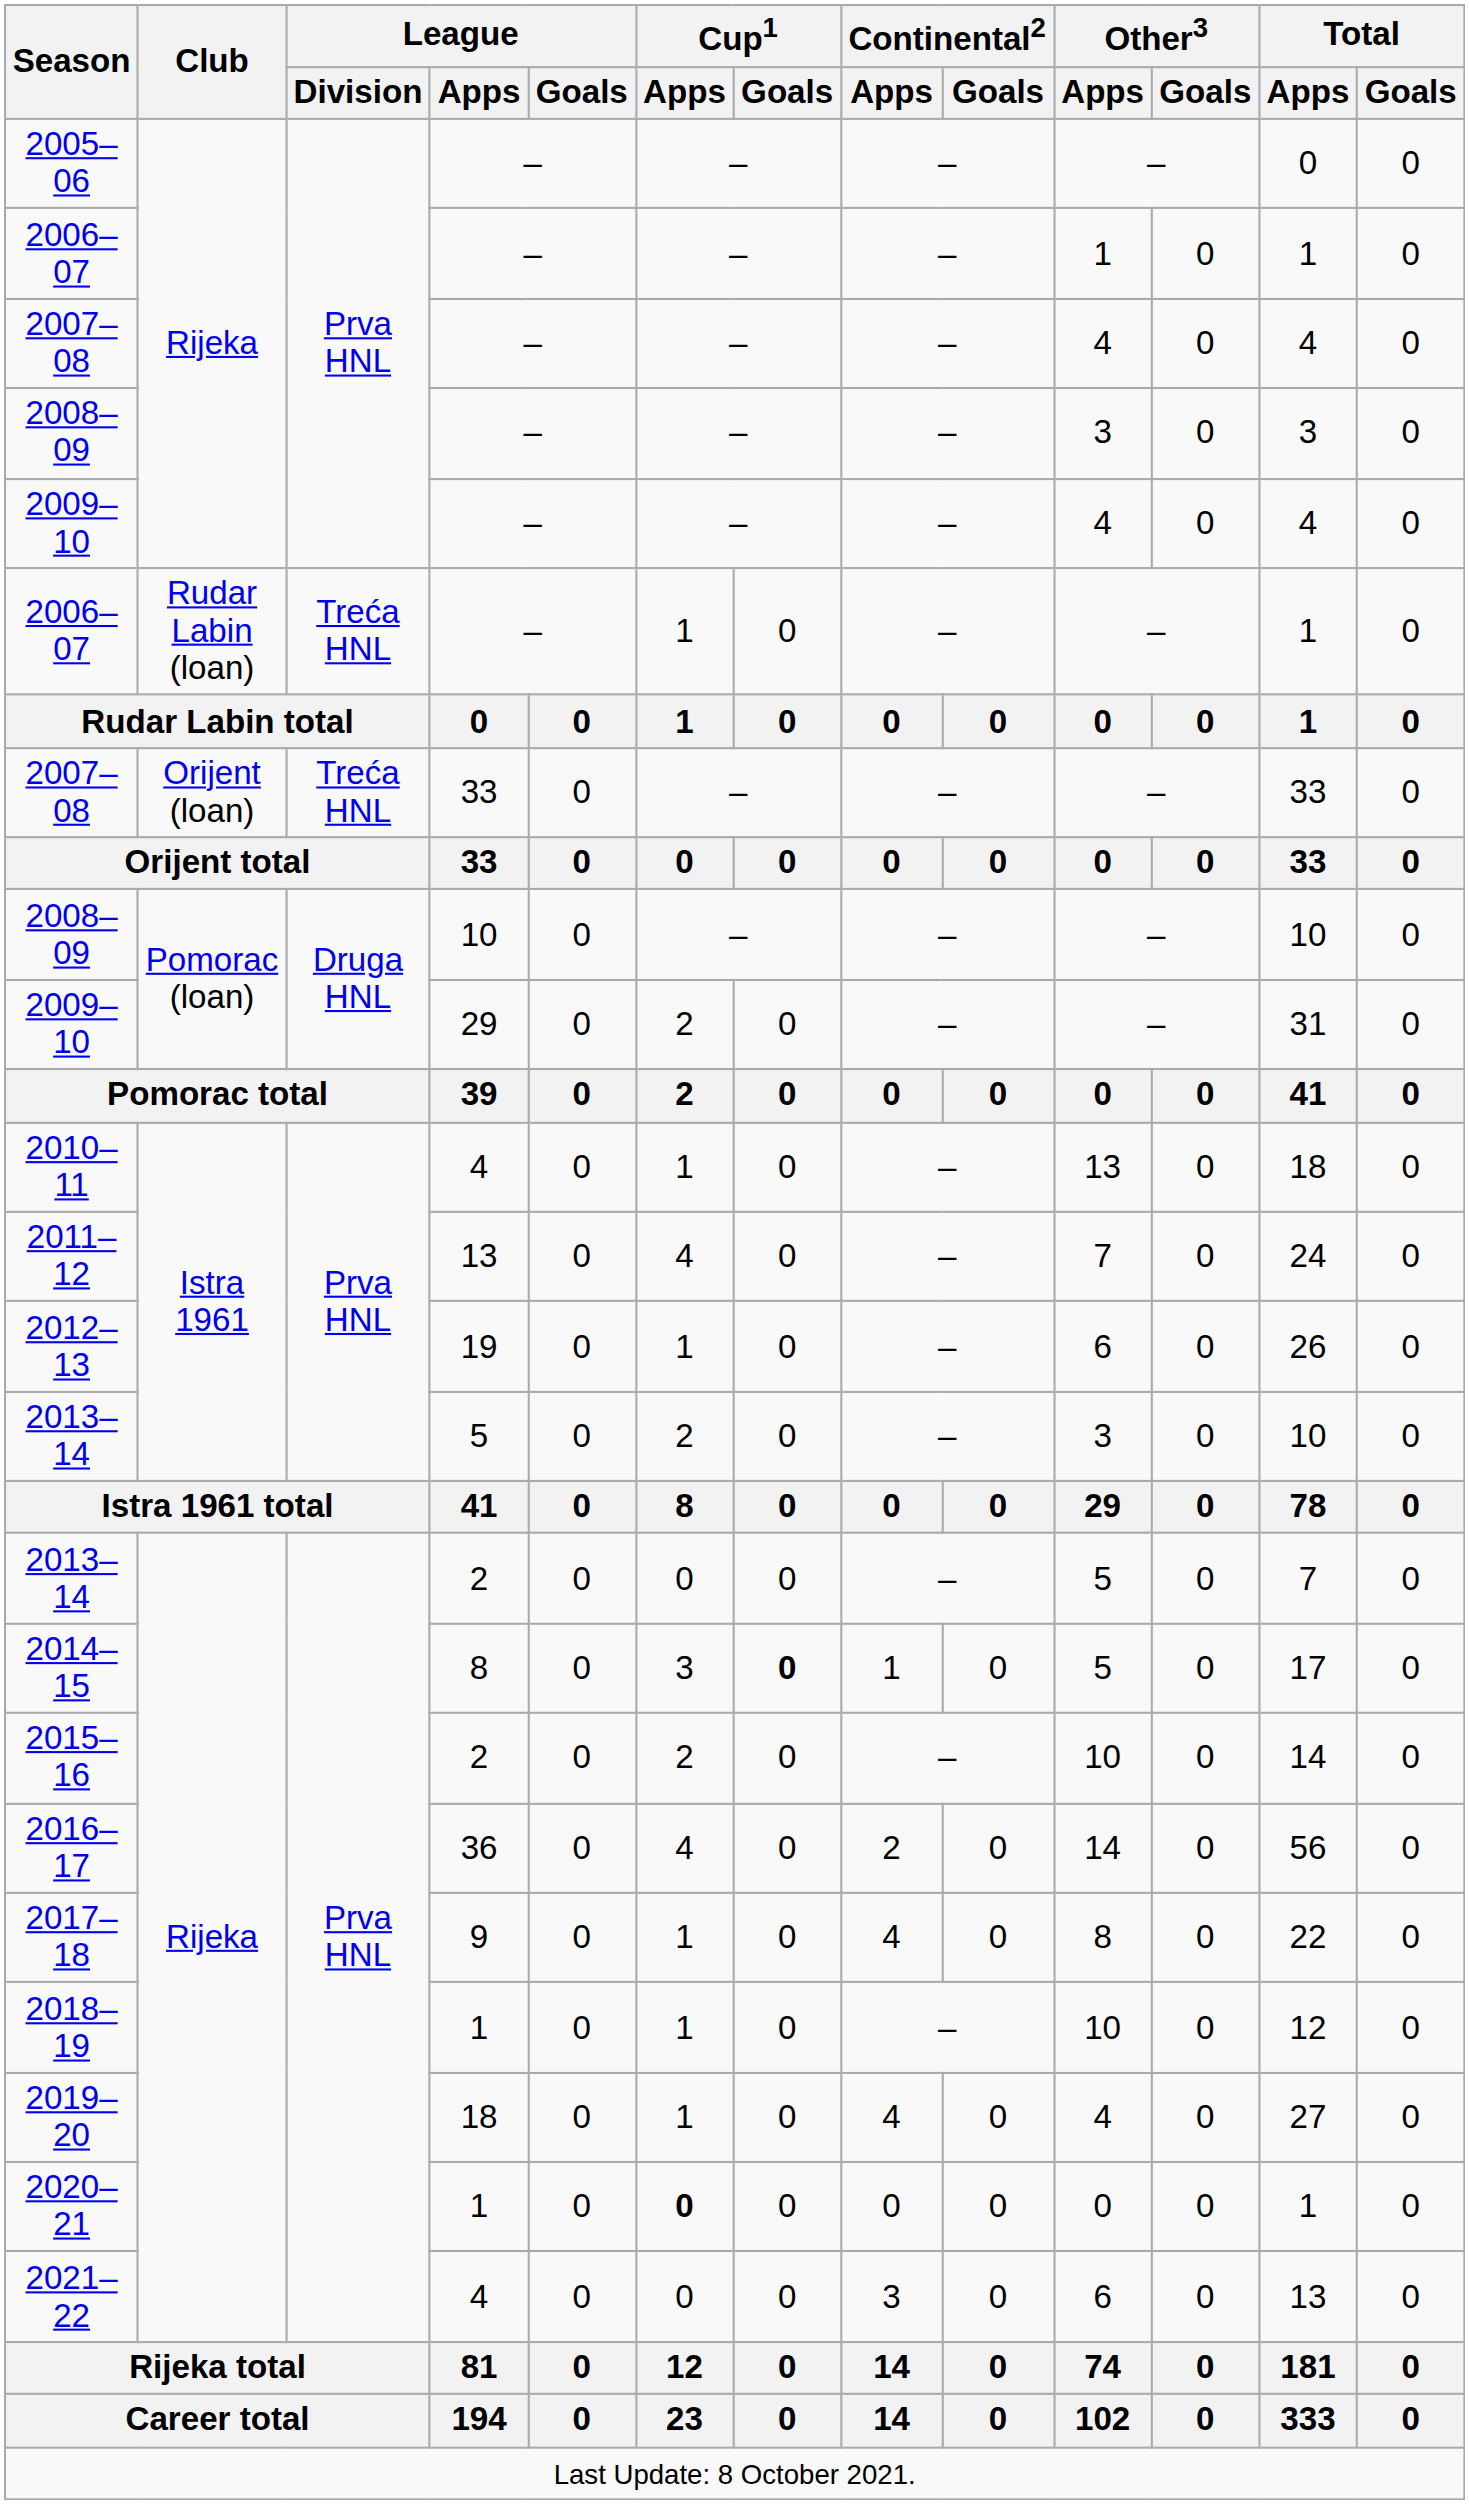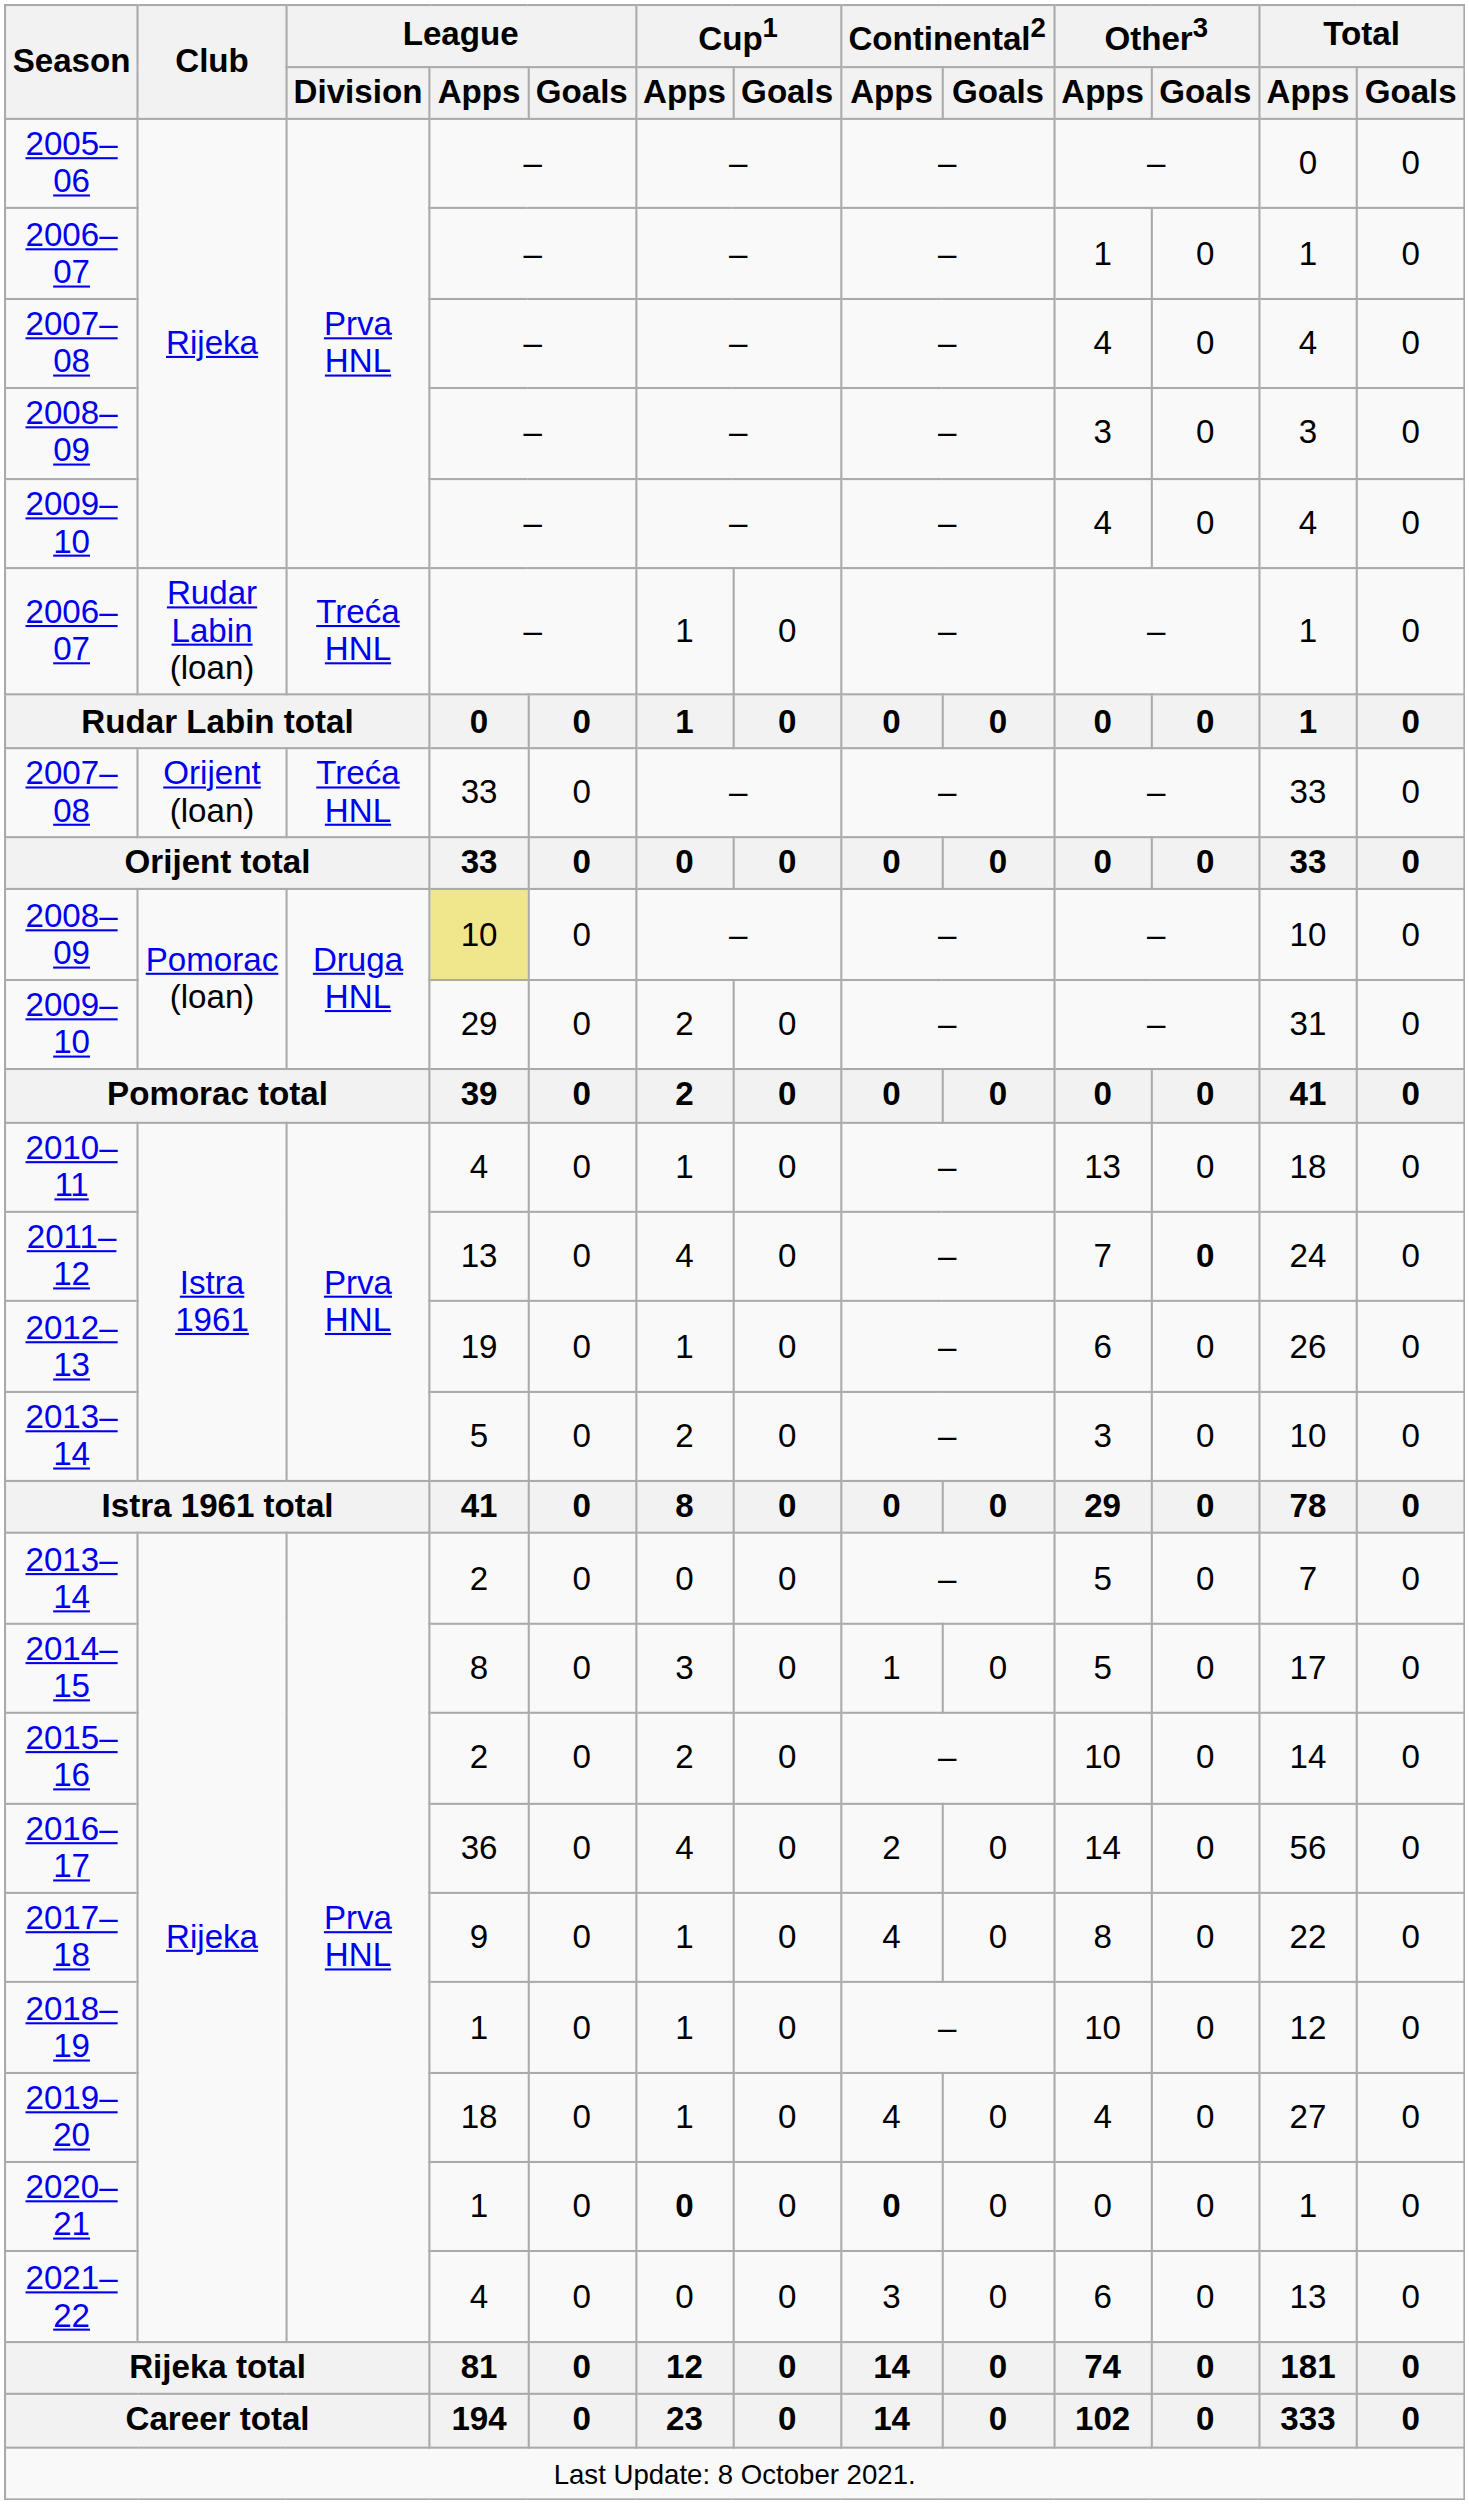 <table class="wikitable" style="text-align:center">
 <tr>
 <th rowspan=2>Season</th>
 <th rowspan=2>Club</th>
 <th colspan=3>League</th>
 <th colspan=2>Cup<sup>1</sup></th>
 <th colspan=2>Continental<sup>2</sup></th>
 <th colspan=2>Other<sup>3</sup></th>
 <th colspan=2>Total</th>
 </tr>
 <tr>
 <th>Division</th>
 <th>Apps</th>
 <th>Goals</th>
 <th>Apps</th>
 <th>Goals</th>
 <th>Apps</th>
 <th>Goals</th>
 <th>Apps</th>
 <th>Goals</th>
 <th>Apps</th>
 <th>Goals</th>
 </tr>
 <tr>
 <td><a href='#'>2005–06</a></td>
 <td rowspan="5"><a href='#'>Rijeka</a></td>
 <td rowspan="5"><a href='#'>Prva HNL</a></td>
 <td colspan="2">–</td>
 <td colspan="2">–</td>
 <td colspan="2">–</td>
 <td colspan="2">–</td>
 <td>0</td>
 <td>0</td>
 </tr>
 <tr>
 <td><a href='#'>2006–07</a></td>
 <td colspan="2">–</td>
 <td colspan="2">–</td>
 <td colspan="2">–</td>
 <td>1</td>
 <td>0</td>
 <td>1</td>
 <td>0</td>
 </tr>
 <tr>
 <td><a href='#'>2007–08</a></td>
 <td colspan="2">–</td>
 <td colspan="2">–</td>
 <td colspan="2">–</td>
 <td>4</td>
 <td>0</td>
 <td>4</td>
 <td>0</td>
 </tr>
 <tr>
 <td><a href='#'>2008–09</a></td>
 <td colspan="2">–</td>
 <td colspan="2">–</td>
 <td colspan="2">–</td>
 <td>3</td>
 <td>0</td>
 <td>3</td>
 <td>0</td>
 </tr>
 <tr>
 <td><a href='#'>2009–10</a></td>
 <td colspan="2">–</td>
 <td colspan="2">–</td>
 <td colspan="2">–</td>
 <td>4</td>
 <td>0</td>
 <td>4</td>
 <td>0</td>
 </tr>
 <tr>
 <td><a href='#'>2006–07</a></td>
 <td><a href='#'>Rudar Labin</a> (loan)</td>
 <td rowspan="1"><a href='#'>Treća HNL</a></td>
 <td colspan="2">–</td>
 <td>1</td>
 <td>0</td>
 <td colspan="2">–</td>
 <td colspan="2">–</td>
 <td>1</td>
 <td>0</td>
 </tr>
 <tr>
 <th colspan=3>Rudar Labin total</th>
 <th>0</th>
 <th>0</th>
 <th>1</th>
 <th>0</th>
 <th>0</th>
 <th>0</th>
 <th>0</th>
 <th>0</th>
 <th>1</th>
 <th>0</th>
 </tr>
 <tr>
 <td><a href='#'>2007–08</a></td>
 <td><a href='#'>Orijent</a> (loan)</td>
 <td rowspan="1"><a href='#'>Treća HNL</a></td>
 <td>33</td>
 <td>0</td>
 <td colspan="2">–</td>
 <td colspan="2">–</td>
 <td colspan="2">–</td>
 <td>33</td>
 <td>0</td>
 </tr>
 <tr>
 <th colspan=3>Orijent total</th>
 <th>33</th>
 <th>0</th>
 <th>0</th>
 <th>0</th>
 <th>0</th>
 <th>0</th>
 <th>0</th>
 <th>0</th>
 <th>33</th>
 <th>0</th>
 </tr>
 <tr>
 <td><a href='#'>2008–09</a></td>
 <td rowspan="2"><a href='#'>Pomorac</a> (loan)</td>
 <td rowspan="2"><a href='#'>Druga HNL</a></td>
-<td>10</td>
+<td style="background: khaki;">10</td>
 <td>0</td>
 <td colspan="2">–</td>
 <td colspan="2">–</td>
 <td colspan="2">–</td>
 <td>10</td>
 <td>0</td>
 </tr>
 <tr>
 <td><a href='#'>2009–10</a></td>
 <td>29</td>
 <td>0</td>
 <td>2</td>
 <td>0</td>
 <td colspan="2">–</td>
 <td colspan="2">–</td>
 <td>31</td>
 <td>0</td>
 </tr>
 <tr>
 <th colspan=3>Pomorac total</th>
 <th>39</th>
 <th>0</th>
 <th>2</th>
 <th>0</th>
 <th>0</th>
 <th>0</th>
 <th>0</th>
 <th>0</th>
 <th>41</th>
 <th>0</th>
 </tr>
 <tr>
 <td><a href='#'>2010–11</a></td>
 <td rowspan="4"><a href='#'>Istra 1961</a></td>
 <td rowspan="4"><a href='#'>Prva HNL</a></td>
 <td>4</td>
 <td>0</td>
 <td>1</td>
 <td>0</td>
 <td colspan="2">–</td>
 <td>13</td>
 <td>0</td>
 <td>18</td>
 <td>0</td>
 </tr>
 <tr>
 <td><a href='#'>2011–12</a></td>
 <td>13</td>
 <td>0</td>
 <td>4</td>
 <td>0</td>
 <td colspan="2">–</td>
 <td>7</td>
-<td>0</td>
+<td><strong>0</strong></td>
 <td>24</td>
 <td>0</td>
 </tr>
 <tr>
 <td><a href='#'>2012–13</a></td>
 <td>19</td>
 <td>0</td>
 <td>1</td>
 <td>0</td>
 <td colspan="2">–</td>
 <td>6</td>
 <td>0</td>
 <td>26</td>
 <td>0</td>
 </tr>
 <tr>
 <td><a href='#'>2013–14</a></td>
 <td>5</td>
 <td>0</td>
 <td>2</td>
 <td>0</td>
 <td colspan="2">–</td>
 <td>3</td>
 <td>0</td>
 <td>10</td>
 <td>0</td>
 </tr>
 <tr>
 <th colspan=3>Istra 1961 total</th>
 <th>41</th>
 <th>0</th>
 <th>8</th>
 <th>0</th>
 <th>0</th>
 <th>0</th>
 <th>29</th>
 <th>0</th>
 <th>78</th>
 <th>0</th>
 </tr>
 <tr>
 <td><a href='#'>2013–14</a></td>
 <td rowspan="9"><a href='#'>Rijeka</a></td>
 <td rowspan="9"><a href='#'>Prva HNL</a></td>
 <td>2</td>
 <td>0</td>
 <td>0</td>
 <td>0</td>
 <td colspan="2">–</td>
 <td>5</td>
 <td>0</td>
 <td>7</td>
 <td>0</td>
 </tr>
 <tr>
 <td><a href='#'>2014–15</a></td>
 <td>8</td>
 <td>0</td>
 <td>3</td>
-<td><strong>0</strong></td>
+<td>0</td>
 <td>1</td>
 <td>0</td>
 <td>5</td>
 <td>0</td>
 <td>17</td>
 <td>0</td>
 </tr>
 <tr>
 <td><a href='#'>2015–16</a></td>
 <td>2</td>
 <td>0</td>
 <td>2</td>
 <td>0</td>
 <td colspan="2">–</td>
 <td>10</td>
 <td>0</td>
 <td>14</td>
 <td>0</td>
 </tr>
 <tr>
 <td><a href='#'>2016–17</a></td>
 <td>36</td>
 <td>0</td>
 <td>4</td>
 <td>0</td>
 <td>2</td>
 <td>0</td>
 <td>14</td>
 <td>0</td>
 <td>56</td>
 <td>0</td>
 </tr>
 <tr>
 <td><a href='#'>2017–18</a></td>
 <td>9</td>
 <td>0</td>
 <td>1</td>
 <td>0</td>
 <td>4</td>
 <td>0</td>
 <td>8</td>
 <td>0</td>
 <td>22</td>
 <td>0</td>
 </tr>
 <tr>
 <td><a href='#'>2018–19</a></td>
 <td>1</td>
 <td>0</td>
 <td>1</td>
 <td>0</td>
 <td colspan="2">–</td>
 <td>10</td>
 <td>0</td>
 <td>12</td>
 <td>0</td>
 </tr>
 <tr>
 <td><a href='#'>2019–20</a></td>
 <td>18</td>
 <td>0</td>
 <td>1</td>
 <td>0</td>
 <td>4</td>
 <td>0</td>
 <td>4</td>
 <td>0</td>
 <td>27</td>
 <td>0</td>
 </tr>
 <tr>
 <td><a href='#'>2020–21</a></td>
 <td>1</td>
 <td>0</td>
 <td><strong>0</strong></td>
 <td>0</td>
-<td>0</td>
+<td><strong>0</strong></td>
 <td>0</td>
 <td>0</td>
 <td>0</td>
 <td>1</td>
 <td>0</td>
 </tr>
 <tr>
 <td><a href='#'>2021–22</a></td>
 <td>4</td>
 <td>0</td>
 <td>0</td>
 <td>0</td>
 <td>3</td>
 <td>0</td>
 <td>6</td>
 <td>0</td>
 <td>13</td>
 <td>0</td>
 </tr>
 <tr>
 <th colspan=3>Rijeka total</th>
 <th>81</th>
 <th>0</th>
 <th>12</th>
 <th>0</th>
 <th>14</th>
 <th>0</th>
 <th>74</th>
 <th>0</th>
 <th>181</th>
 <th>0</th>
 </tr>
 <tr>
 <th colspan=3>Career total</th>
 <th>194</th>
 <th>0</th>
 <th>23</th>
 <th>0</th>
 <th>14</th>
 <th>0</th>
 <th>102</th>
 <th>0</th>
 <th>333</th>
 <th>0</th>
 </tr>
 <tr>
 <td colspan="13"><small>Last Update: 8 October 2021.</small></td>
 </tr>
 </table>
